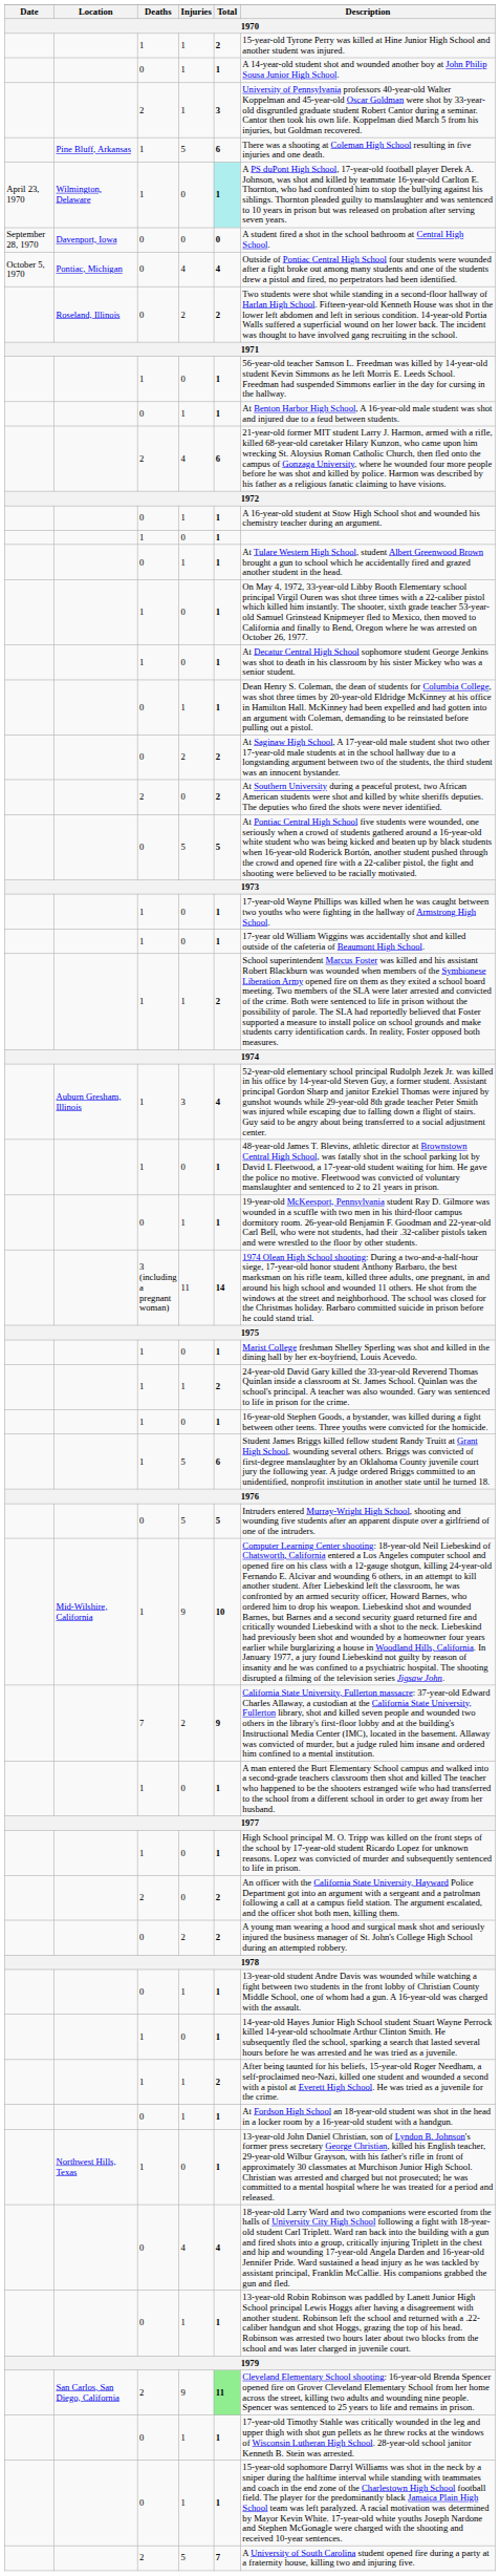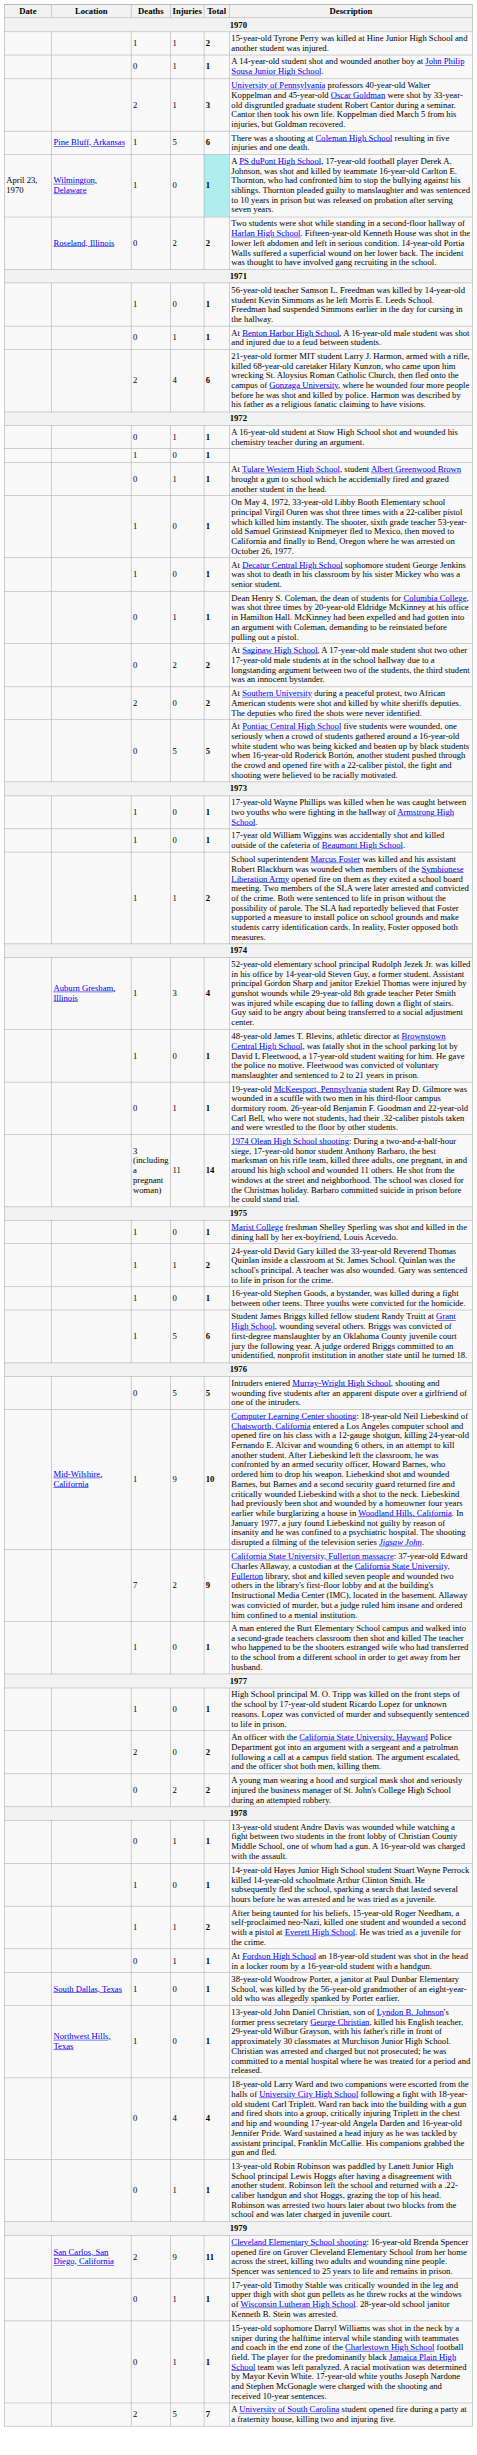 <table class="sortable wikitable" style="font-size:100%;" id="1970s">
 <tr>
 </tr>
 <tr>
 <th style="width:80px;">Date</th>
 <th style="width:140px;">Location</th>
 <th style="width:40px;">Deaths</th>
 <th style="width:40px;">Injuries</th>
 <th style="width:40px;">Total</th>
 <th class="unsortable">Description</th>
 </tr>
 <tr>
 <th colspan="6">1970 </th>
 </tr>
 <tr>
 <td></td>
 <td></td>
 <td>1</td>
 <td>1</td>
 <td><strong>2</strong></td>
 <td>15-year-old Tyrone Perry was killed at Hine Junior High School and another student was injured.</td>
 </tr>
 <tr>
 <td></td>
 <td></td>
 <td>0</td>
 <td>1</td>
 <td><strong>1</strong></td>
 <td>A 14-year-old student shot and wounded another boy at <a href='#'>John Philip Sousa Junior High School</a>.</td>
 </tr>
 <tr>
 <td></td>
 <td></td>
 <td>2</td>
 <td>1</td>
 <td><strong>3</strong></td>
 <td><a href='#'>University of Pennsylvania</a> professors 40-year-old Walter Koppelman and 45-year-old <a href='#'>Oscar Goldman</a> were shot by 33-year-old disgruntled graduate student Robert Cantor during a seminar. Cantor then took his own life. Koppelman died March 5 from his injuries, but Goldman recovered.</td>
 </tr>
 <tr>
 <td></td>
 <td><a href='#'>Pine Bluff, Arkansas</a></td>
 <td>1</td>
 <td>5</td>
 <td><strong>6</strong></td>
 <td>There was a shooting at <a href='#'>Coleman High School</a> resulting in five injuries and one death.</td>
 </tr>
 <tr>
 <td>April 23, 1970</td>
 <td><a href='#'>Wilmington, Delaware</a></td>
 <td>1</td>
 <td>0</td>
 <td style="background: paleturquoise;"><strong>1</strong></td>
 <td>A <a href='#'>PS duPont High School</a>, 17-year-old football player Derek A. Johnson, was shot and killed by teammate 16-year-old Carlton E. Thornton, who had confronted him to stop the bullying against his siblings. Thornton pleaded guilty to manslaughter and was sentenced to 10 years in prison but was released on probation after serving seven years.</td>
-</tr>
-<tr>
-<td>September 28, 1970</td>
-<td><a href='#'>Davenport, Iowa</a></td>
-<td>0</td>
-<td>0</td>
-<td><strong>0</strong></td>
-<td>A student fired a shot in the school bathroom at <a href='#'>Central High School</a>.</td>
-</tr>
-<tr>
-<td>October 5, 1970</td>
-<td><a href='#'>Pontiac, Michigan</a></td>
-<td>0</td>
-<td>4</td>
-<td><strong>4</strong></td>
-<td>Outside of <a href='#'>Pontiac Central High School</a> four students were wounded after a fight broke out among many students and one of the students drew a pistol and fired, no perpetrators had been identified.</td>
 </tr>
 <tr>
 <td></td>
 <td sort><a href='#'>Roseland, Illinois</a></td>
 <td>0</td>
 <td>2</td>
 <td><strong>2</strong></td>
 <td>Two students were shot while standing in a second-floor hallway of <a href='#'>Harlan High School</a>. Fifteen-year-old Kenneth House was shot in the lower left abdomen and left in serious condition. 14-year-old Portia Walls suffered a superficial wound on her lower back. The incident was thought to have involved gang recruiting in the school.</td>
 </tr>
 <tr>
 <th colspan="6">1971 </th>
 </tr>
 <tr>
 <td></td>
 <td></td>
 <td>1</td>
 <td>0</td>
 <td><strong>1</strong></td>
 <td>56-year-old teacher Samson L. Freedman was killed by 14-year-old student Kevin Simmons as he left Morris E. Leeds School. Freedman had suspended Simmons earlier in the day for cursing in the hallway.</td>
 </tr>
 <tr>
 <td></td>
 <td></td>
 <td>0</td>
 <td>1</td>
 <td><strong>1</strong></td>
 <td>At <a href='#'>Benton Harbor High School</a>, A 16-year-old male student was shot and injured due to a feud between students.</td>
 </tr>
 <tr>
 <td></td>
 <td></td>
 <td>2</td>
 <td>4</td>
 <td><strong>6</strong></td>
 <td>21-year-old former MIT student Larry J. Harmon, armed with a rifle, killed 68-year-old caretaker Hilary Kunzon, who came upon him wrecking St. Aloysius Roman Catholic Church, then fled onto the campus of <a href='#'>Gonzaga University</a>, where he wounded four more people before he was shot and killed by police. Harmon was described by his father as a religious fanatic claiming to have visions.</td>
 </tr>
 <tr>
 <th colspan="6">1972 </th>
 </tr>
 <tr>
 <td></td>
 <td></td>
 <td>0</td>
 <td>1</td>
 <td><strong>1</strong></td>
 <td>A 16-year-old student at Stow High School shot and wounded his chemistry teacher during an argument.</td>
 </tr>
 <tr>
 <td></td>
 <td></td>
 <td>1</td>
 <td>0</td>
 <td><strong>1</strong></td>
 <td></td>
 </tr>
 <tr>
 <td></td>
 <td></td>
 <td>0</td>
 <td>1</td>
 <td><strong>1</strong></td>
 <td>At <a href='#'>Tulare Western High School</a>, student <a href='#'>Albert Greenwood Brown</a> brought a gun to school which he accidentally fired and grazed another student in the head.</td>
 </tr>
 <tr>
 <td></td>
 <td></td>
 <td>1</td>
 <td>0</td>
 <td><strong>1</strong></td>
 <td>On May 4, 1972, 33-year-old Libby Booth Elementary school principal Virgil Ouren was shot three times with a 22-caliber pistol which killed him instantly. The shooter, sixth grade teacher 53-year-old Samuel Grinstead Knipmeyer fled to Mexico, then moved to California and finally to Bend, Oregon where he was arrested on October 26, 1977.</td>
 </tr>
 <tr>
 <td></td>
 <td></td>
 <td>1</td>
 <td>0</td>
 <td><strong>1</strong></td>
 <td>At <a href='#'>Decatur Central High School</a> sophomore student George Jenkins was shot to death in his classroom by his sister Mickey who was a senior student.</td>
 </tr>
 <tr>
 <td></td>
 <td></td>
 <td>0</td>
 <td>1</td>
 <td><strong>1</strong></td>
 <td>Dean Henry S. Coleman, the dean of students for <a href='#'>Columbia College</a>, was shot three times by 20-year-old Eldridge McKinney at his office in Hamilton Hall. McKinney had been expelled and had gotten into an argument with Coleman, demanding to be reinstated before pulling out a pistol.</td>
 </tr>
 <tr>
 <td></td>
 <td></td>
 <td>0</td>
 <td>2</td>
 <td><strong>2</strong></td>
 <td>At <a href='#'>Saginaw High School</a>, A 17-year-old male student shot two other 17-year-old male students at in the school hallway due to a longstanding argument between two of the students, the third student was an innocent bystander.</td>
 </tr>
 <tr>
 <td></td>
 <td></td>
 <td>2</td>
 <td>0</td>
 <td><strong>2</strong></td>
 <td>At <a href='#'>Southern University</a> during a peaceful protest, two African American students were shot and killed by white sheriffs deputies. The deputies who fired the shots were never identified.</td>
 </tr>
 <tr>
 <td></td>
 <td></td>
 <td>0</td>
 <td>5</td>
 <td><strong>5</strong></td>
 <td>At <a href='#'>Pontiac Central High School</a> five students were wounded, one seriously when a crowd of students gathered around a 16-year-old white student who was being kicked and beaten up by black students when 16-year-old Roderick Bortón, another student pushed through the crowd and opened fire with a 22-caliber pistol, the fight and shooting were believed to be racially motivated.</td>
 </tr>
 <tr>
 <th colspan="6">1973 </th>
 </tr>
 <tr>
 <td></td>
 <td></td>
 <td>1</td>
 <td>0</td>
 <td><strong>1</strong></td>
 <td>17-year-old Wayne Phillips was killed when he was caught between two youths who were fighting in the hallway of <a href='#'>Armstrong High School</a>.</td>
 </tr>
 <tr>
 <td></td>
 <td></td>
 <td>1</td>
 <td>0</td>
 <td><strong>1</strong></td>
 <td>17-year old William Wiggins was accidentally shot and killed outside of the cafeteria of <a href='#'>Beaumont High School</a>.</td>
 </tr>
 <tr>
 <td></td>
 <td></td>
 <td>1</td>
 <td>1</td>
 <td><strong>2</strong></td>
 <td>School superintendent <a href='#'>Marcus Foster</a> was killed and his assistant Robert Blackburn was wounded when members of the <a href='#'>Symbionese Liberation Army</a> opened fire on them as they exited a school board meeting. Two members of the SLA were later arrested and convicted of the crime. Both were sentenced to life in prison without the possibility of parole. The SLA had reportedly believed that Foster supported a measure to install police on school grounds and make students carry identification cards. In reality, Foster opposed both measures.</td>
 </tr>
 <tr>
 <th colspan="6">1974 </th>
 </tr>
 <tr>
 <td></td>
 <td sort><a href='#'>Auburn Gresham, Illinois</a></td>
 <td>1</td>
 <td>3</td>
 <td><strong>4</strong></td>
 <td>52-year-old elementary school principal Rudolph Jezek Jr. was killed in his office by 14-year-old Steven Guy, a former student. Assistant principal Gordon Sharp and janitor Ezekiel Thomas were injured by gunshot wounds while 29-year-old 8th grade teacher Peter Smith was injured while escaping due to falling down a flight of stairs. Guy said to be angry about being transferred to a social adjustment center.</td>
 </tr>
 <tr>
 <td></td>
 <td></td>
 <td>1</td>
 <td>0</td>
 <td><strong>1</strong></td>
 <td>48-year-old James T. Blevins, athletic director at <a href='#'>Brownstown Central High School</a>, was fatally shot in the school parking lot by David L Fleetwood, a 17-year-old student waiting for him. He gave the police no motive. Fleetwood was convicted of voluntary manslaughter and sentenced to 2 to 21 years in prison.</td>
 </tr>
 <tr>
 <td></td>
 <td></td>
 <td>0</td>
 <td>1</td>
 <td><strong>1</strong></td>
 <td>19-year-old <a href='#'>McKeesport, Pennsylvania</a> student Ray D. Gilmore was wounded in a scuffle with two men in his third-floor campus dormitory room. 26-year-old Benjamin F. Goodman and 22-year-old Carl Bell, who were not students, had their .32-caliber pistols taken and were wrestled to the floor by other students.</td>
 </tr>
 <tr>
 <td></td>
 <td></td>
 <td>3 (including a pregnant woman)</td>
 <td>11</td>
 <td><strong>14</strong></td>
 <td><a href='#'>1974 Olean High School shooting</a>: During a two-and-a-half-hour siege, 17-year-old honor student Anthony Barbaro, the best marksman on his rifle team, killed three adults, one pregnant, in and around his high school and wounded 11 others. He shot from the windows at the street and neighborhood. The school was closed for the Christmas holiday. Barbaro committed suicide in prison before he could stand trial.</td>
 </tr>
 <tr>
 <th colspan="6">1975 </th>
 </tr>
 <tr>
 <td></td>
 <td></td>
 <td>1</td>
 <td>0</td>
 <td><strong>1</strong></td>
 <td><a href='#'>Marist College</a> freshman Shelley Sperling was shot and killed in the dining hall by her ex-boyfriend, Louis Acevedo.</td>
 </tr>
 <tr>
 <td></td>
 <td></td>
 <td>1</td>
 <td>1</td>
 <td><strong>2</strong></td>
 <td>24-year-old David Gary killed the 33-year-old Reverend Thomas Quinlan inside a classroom at St. James School. Quinlan was the school's principal. A teacher was also wounded. Gary was sentenced to life in prison for the crime.</td>
 </tr>
 <tr>
 <td></td>
 <td></td>
 <td>1</td>
 <td>0</td>
 <td><strong>1</strong></td>
 <td>16-year-old Stephen Goods, a bystander, was killed during a fight between other teens. Three youths were convicted for the homicide.</td>
 </tr>
 <tr>
 <td></td>
 <td></td>
 <td>1</td>
 <td>5</td>
 <td><strong>6</strong></td>
 <td>Student James Briggs killed fellow student Randy Truitt at <a href='#'>Grant High School</a>, wounding several others. Briggs was convicted of first-degree manslaughter by an Oklahoma County juvenile court jury the following year. A judge ordered Briggs committed to an unidentified, nonprofit institution in another state until he turned 18.</td>
 </tr>
 <tr>
 <th colspan="6">1976 </th>
 </tr>
 <tr>
 <td></td>
 <td></td>
 <td>0</td>
 <td>5</td>
 <td><strong>5</strong></td>
 <td>Intruders entered <a href='#'>Murray-Wright High School</a>, shooting and wounding five students after an apparent dispute over a girlfriend of one of the intruders.</td>
 </tr>
 <tr>
 <td></td>
 <td sort><a href='#'>Mid-Wilshire, California</a></td>
 <td>1</td>
 <td>9</td>
 <td><strong>10</strong></td>
 <td><a href='#'>Computer Learning Center shooting</a>: 18-year-old Neil Liebeskind of <a href='#'>Chatsworth, California</a> entered a Los Angeles computer school and opened fire on his class with a 12-gauge shotgun, killing 24-year-old Fernando E. Alcivar and wounding 6 others, in an attempt to kill another student. After Liebeskind left the classroom, he was confronted by an armed security officer, Howard Barnes, who ordered him to drop his weapon. Liebeskind shot and wounded Barnes, but Barnes and a second security guard returned fire and critically wounded Liebeskind with a shot to the neck. Liebeskind had previously been shot and wounded by a homeowner four years earlier while burglarizing a house in <a href='#'>Woodland Hills, California</a>. In January 1977, a jury found Liebeskind not guilty by reason of insanity and he was confined to a psychiatric hospital. The shooting disrupted a filming of the television series <a href='#'><em>Jigsaw John</em></a>.</td>
 </tr>
 <tr>
 <td></td>
 <td></td>
 <td>7</td>
 <td>2</td>
 <td><strong>9</strong></td>
 <td><a href='#'>California State University, Fullerton massacre</a>: 37-year-old Edward Charles Allaway, a custodian at the <a href='#'>California State University, Fullerton</a> library, shot and killed seven people and wounded two others in the library's first-floor lobby and at the building's Instructional Media Center (IMC), located in the basement. Allaway was convicted of murder, but a judge ruled him insane and ordered him confined to a mental institution.</td>
 </tr>
 <tr>
 <td></td>
 <td></td>
 <td>1</td>
 <td>0</td>
 <td><strong>1</strong></td>
 <td>A man entered the Burt Elementary School campus and walked into a second-grade teachers classroom then shot and killed The teacher who happened to be the shooters estranged wife who had transferred to the school from a different school in order to get away from her husband.</td>
 </tr>
 <tr>
 <th colspan="6">1977 </th>
 </tr>
 <tr>
 <td></td>
 <td></td>
 <td>1</td>
 <td>0</td>
 <td><strong>1</strong></td>
 <td>High School principal M. O. Tripp was killed on the front steps of the school by 17-year-old student Ricardo Lopez for unknown reasons. Lopez was convicted of murder and subsequently sentenced to life in prison.</td>
 </tr>
 <tr>
 <td></td>
 <td></td>
 <td>2</td>
 <td>0</td>
 <td><strong>2</strong></td>
 <td>An officer with the <a href='#'>California State University, Hayward</a> Police Department got into an argument with a sergeant and a patrolman following a call at a campus field station. The argument escalated, and the officer shot both men, killing them.</td>
 </tr>
 <tr>
 <td></td>
 <td></td>
 <td>0</td>
 <td>2</td>
 <td><strong>2</strong></td>
 <td>A young man wearing a hood and surgical mask shot and seriously injured the business manager of St. John's College High School during an attempted robbery.</td>
 </tr>
 <tr>
 <th colspan="6">1978 </th>
 </tr>
 <tr>
 <td></td>
 <td></td>
 <td>0</td>
 <td>1</td>
 <td><strong>1</strong></td>
 <td>13-year-old student Andre Davis was wounded while watching a fight between two students in the front lobby of Christian County Middle School, one of whom had a gun. A 16-year-old was charged with the assault.</td>
 </tr>
 <tr>
 <td></td>
 <td></td>
 <td>1</td>
 <td>0</td>
 <td><strong>1</strong></td>
 <td>14-year-old Hayes Junior High School student Stuart Wayne Perrock killed 14-year-old schoolmate Arthur Clinton Smith. He subsequently fled the school, sparking a search that lasted several hours before he was arrested and he was tried as a juvenile.</td>
 </tr>
 <tr>
 <td></td>
 <td></td>
 <td>1</td>
 <td>1</td>
 <td><strong>2</strong></td>
 <td>After being taunted for his beliefs, 15-year-old Roger Needham, a self-proclaimed neo-Nazi, killed one student and wounded a second with a pistol at <a href='#'>Everett High School</a>. He was tried as a juvenile for the crime.</td>
 </tr>
 <tr>
 <td></td>
 <td></td>
 <td>0</td>
 <td>1</td>
 <td><strong>1</strong></td>
 <td>At <a href='#'>Fordson High School</a> an 18-year-old student was shot in the head in a locker room by a 16-year-old student with a handgun.</td>
 </tr>
 <tr>
 <td></td>
+<td sort><a href='#'>South Dallas, Texas</a></td>
+<td>1</td>
+<td>0</td>
+<td><strong>1</strong></td>
+<td>38-year-old Woodrow Porter, a janitor at Paul Dunbar Elementary School, was killed by the 56-year-old grandmother of an eight-year-old who was allegedly spanked by Porter earlier.</td>
+</tr>
+<tr>
+<td></td>
 <td sort><a href='#'>Northwest Hills, Texas</a></td>
 <td>1</td>
 <td>0</td>
 <td><strong>1</strong></td>
 <td>13-year-old John Daniel Christian, son of <a href='#'>Lyndon B. Johnson</a>'s former press secretary <a href='#'>George Christian</a>, killed his English teacher, 29-year-old Wilbur Grayson, with his father's rifle in front of approximately 30 classmates at Murchison Junior High School. Christian was arrested and charged but not prosecuted; he was committed to a mental hospital where he was treated for a period and released.</td>
 </tr>
 <tr>
 <td></td>
 <td></td>
 <td>0</td>
 <td>4</td>
 <td><strong>4</strong></td>
 <td>18-year-old Larry Ward and two companions were escorted from the halls of <a href='#'>University City High School</a> following a fight with 18-year-old student Carl Triplett. Ward ran back into the building with a gun and fired shots into a group, critically injuring Triplett in the chest and hip and wounding 17-year-old Angela Darden and 16-year-old Jennifer Pride. Ward sustained a head injury as he was tackled by assistant principal, Franklin McCallie. His companions grabbed the gun and fled.</td>
 </tr>
 <tr>
 <td></td>
 <td></td>
 <td>0</td>
 <td>1</td>
 <td><strong>1</strong></td>
 <td>13-year-old Robin Robinson was paddled by Lanett Junior High School principal Lewis Hoggs after having a disagreement with another student. Robinson left the school and returned with a .22-caliber handgun and shot Hoggs, grazing the top of his head. Robinson was arrested two hours later about two blocks from the school and was later charged in juvenile court.</td>
 </tr>
 <tr>
 <th colspan="6">1979 </th>
 </tr>
 <tr>
 <td></td>
 <td sort><a href='#'>San Carlos, San Diego, California</a></td>
 <td>2</td>
 <td>9</td>
-<td style="background: lightgreen;"><strong>11</strong></td>
+<td><strong>11</strong></td>
 <td><a href='#'>Cleveland Elementary School shooting</a>: 16-year-old Brenda Spencer opened fire on Grover Cleveland Elementary School from her home across the street, killing two adults and wounding nine people. Spencer was sentenced to 25 years to life and remains in prison.</td>
 </tr>
 <tr>
 <td></td>
 <td></td>
 <td>0</td>
 <td>1</td>
 <td><strong>1</strong></td>
 <td>17-year-old Timothy Stahle was critically wounded in the leg and upper thigh with shot gun pellets as he threw rocks at the windows of <a href='#'>Wisconsin Lutheran High School</a>. 28-year-old school janitor Kenneth B. Stein was arrested.</td>
 </tr>
 <tr>
 <td></td>
 <td></td>
 <td>0</td>
 <td>1</td>
 <td><strong>1</strong></td>
 <td>15-year-old sophomore Darryl Williams was shot in the neck by a sniper during the halftime interval while standing with teammates and coach in the end zone of the <a href='#'>Charlestown High School</a> football field. The player for the predominantly black <a href='#'>Jamaica Plain High School</a> team was left paralyzed. A racial motivation was determined by Mayor Kevin White. 17-year-old white youths Joseph Nardone and Stephen McGonagle were charged with the shooting and received 10-year sentences.</td>
 </tr>
 <tr>
 <td></td>
 <td></td>
 <td>2</td>
 <td>5</td>
 <td><strong>7</strong></td>
 <td>A <a href='#'>University of South Carolina</a> student opened fire during a party at a fraternity house, killing two and injuring five.</td>
 </tr>
 </table>
